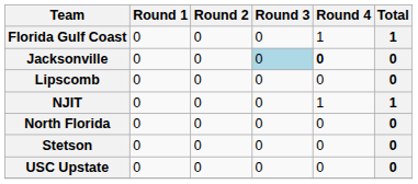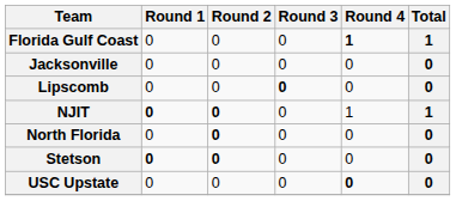 <table class="wikitable sortable">
 <tr>
 <th>Team</th>
 <th>Round 1</th>
 <th>Round 2</th>
 <th>Round 3</th>
 <th>Round 4</th>
 <th>Total</th>
 </tr>
 <tr>
 <th style=>Florida Gulf Coast</th>
 <td>0</td>
 <td>0</td>
 <td>0</td>
-<td>1</td>
+<td><strong>1</strong></td>
 <th>1</th>
 </tr>
 <tr>
 <th style=>Jacksonville</th>
-<td>0</td>
-<td>0</td>
-<td style="background: lightblue;">0</td>
-<td><strong>0</strong></td>
-<th>0</th>
-</tr>
-<tr>
-<th style=>Lipscomb</th>
 <td>0</td>
 <td>0</td>
 <td>0</td>
 <td>0</td>
 <th>0</th>
 </tr>
 <tr>
-<th style=>NJIT</th>
+<th style=>Lipscomb</th>
 <td>0</td>
 <td>0</td>
+<td><strong>0</strong></td>
+<td>0</td>
+<th>0</th>
+</tr>
+<tr>
+<th style=>NJIT</th>
+<td><strong>0</strong></td>
+<td><strong>0</strong></td>
 <td>0</td>
 <td>1</td>
 <th>1</th>
 </tr>
 <tr>
 <th style=>North Florida</th>
 <td>0</td>
-<td>0</td>
+<td><strong>0</strong></td>
 <td>0</td>
 <td>0</td>
 <th>0</th>
 </tr>
 <tr>
 <th style=>Stetson</th>
-<td>0</td>
-<td>0</td>
+<td><strong>0</strong></td>
+<td><strong>0</strong></td>
 <td>0</td>
 <td>0</td>
 <th>0</th>
 </tr>
 <tr>
 <th style=>USC Upstate</th>
 <td>0</td>
 <td>0</td>
 <td>0</td>
-<td>0</td>
+<td><strong>0</strong></td>
 <th>0</th>
 </tr>
 <tr>
 </tr>
 </table>
